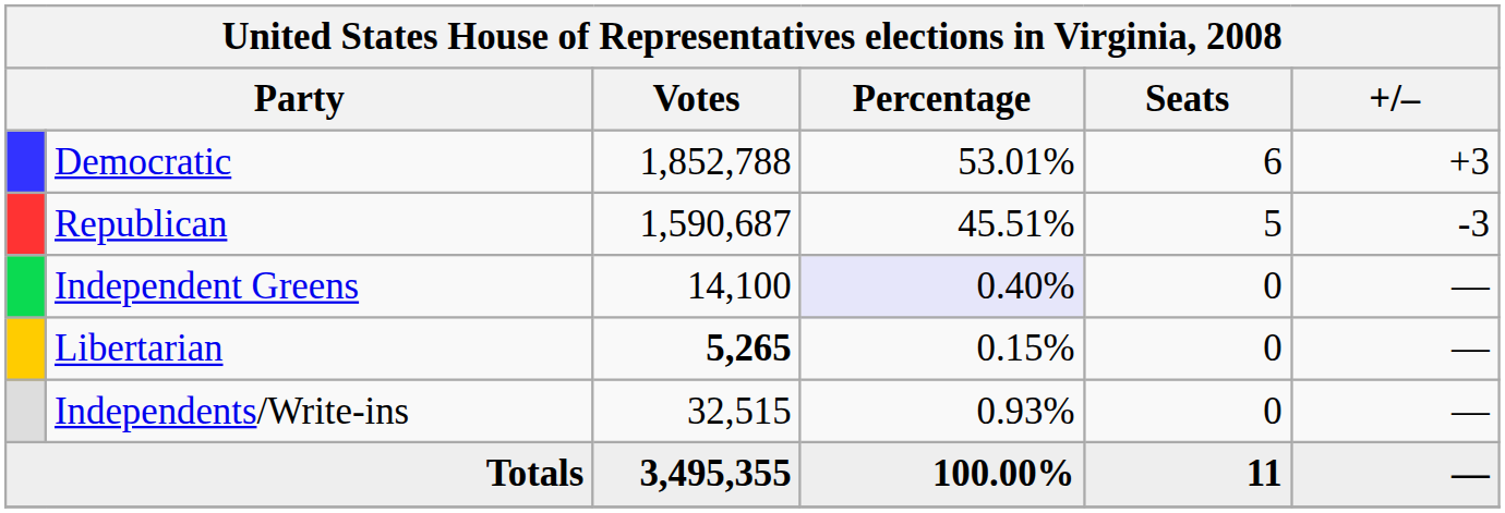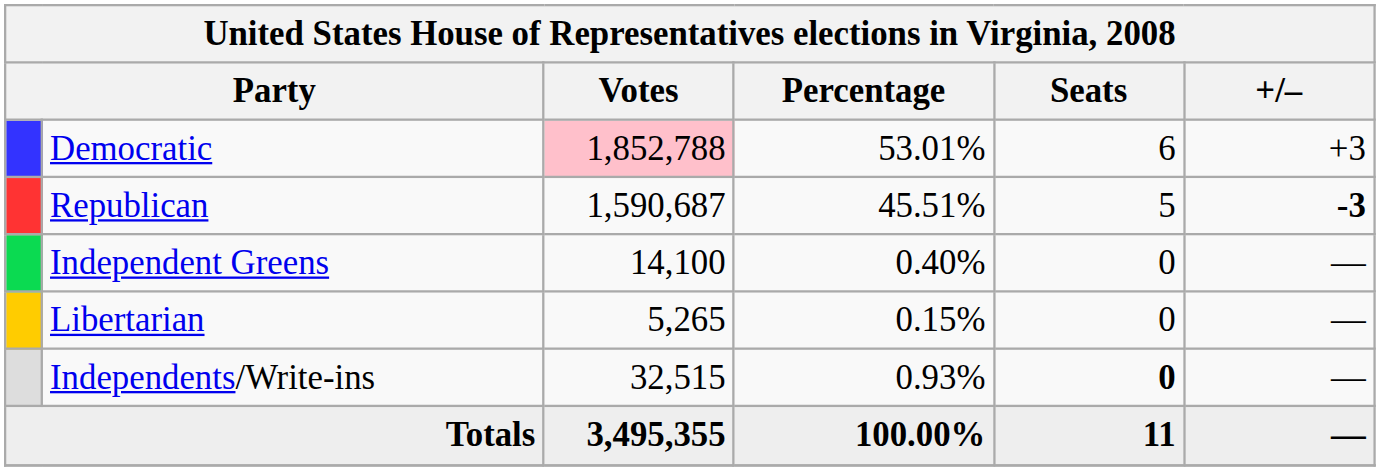 <table class="wikitable" style="font-size: 95%;">
 <tr>
 <th colspan="6">United States House of Representatives elections in Virginia, 2008</th>
 </tr>
 <tr>
 <th colspan=2 style="width: 15em">Party</th>
 <th style="width: 5em">Votes</th>
 <th style="width: 7em">Percentage</th>
 <th style="width: 5em">Seats</th>
 <th style="width: 5em">+/–</th>
 </tr>
 <tr>
 <th style="background-color:#3333FF; width: 3px"></th>
 <td style="width: 130px"><a href='#'>Democratic</a></td>
-<td align="right">1,852,788</td>
+<td align="right" style="background: pink;">1,852,788</td>
 <td align="right">53.01%</td>
 <td align="right">6</td>
 <td align="right">+3</td>
 </tr>
 <tr>
 <th style="background-color:#FF3333; width: 3px"></th>
 <td style="width: 130px"><a href='#'>Republican</a></td>
 <td align="right">1,590,687</td>
 <td align="right">45.51%</td>
 <td align="right">5</td>
-<td align="right">-3</td>
+<td align="right"><strong>-3</strong></td>
 </tr>
 <tr>
 <th style="background-color:#0BDA51; width: 3px"></th>
 <td style="width: 130px"><a href='#'>Independent Greens</a></td>
 <td align="right">14,100</td>
-<td align="right" style="background: lavender;">0.40%</td>
+<td align="right">0.40%</td>
 <td align="right">0</td>
 <td align="right">—</td>
 </tr>
 <tr>
 <th style="background-color:#FFCC00; width: 3px"></th>
 <td style="width: 130px"><a href='#'>Libertarian</a></td>
-<td align="right"><strong>5,265</strong></td>
+<td align="right">5,265</td>
 <td align="right">0.15%</td>
 <td align="right">0</td>
 <td align="right">—</td>
 </tr>
 <tr>
 <th style="background-color:#DDDDDD; width: 3px"></th>
 <td style="width: 130px"><a href='#'>Independents</a>/Write-ins</td>
 <td align="right">32,515</td>
 <td align="right">0.93%</td>
-<td align="right">0</td>
+<td align="right"><strong>0</strong></td>
 <td align="right">—</td>
 </tr>
 <tr bgcolor="#EEEEEE">
 <td colspan="2" align="right"><strong>Totals</strong></td>
 <td align="right"><strong>3,495,355</strong></td>
 <td align="right"><strong>100.00%</strong></td>
 <td align="right"><strong>11</strong></td>
 <td align="right"><strong>—</strong></td>
 </tr>
 <tr bgcolor="#EEEEEE">
 </tr>
 </table>
